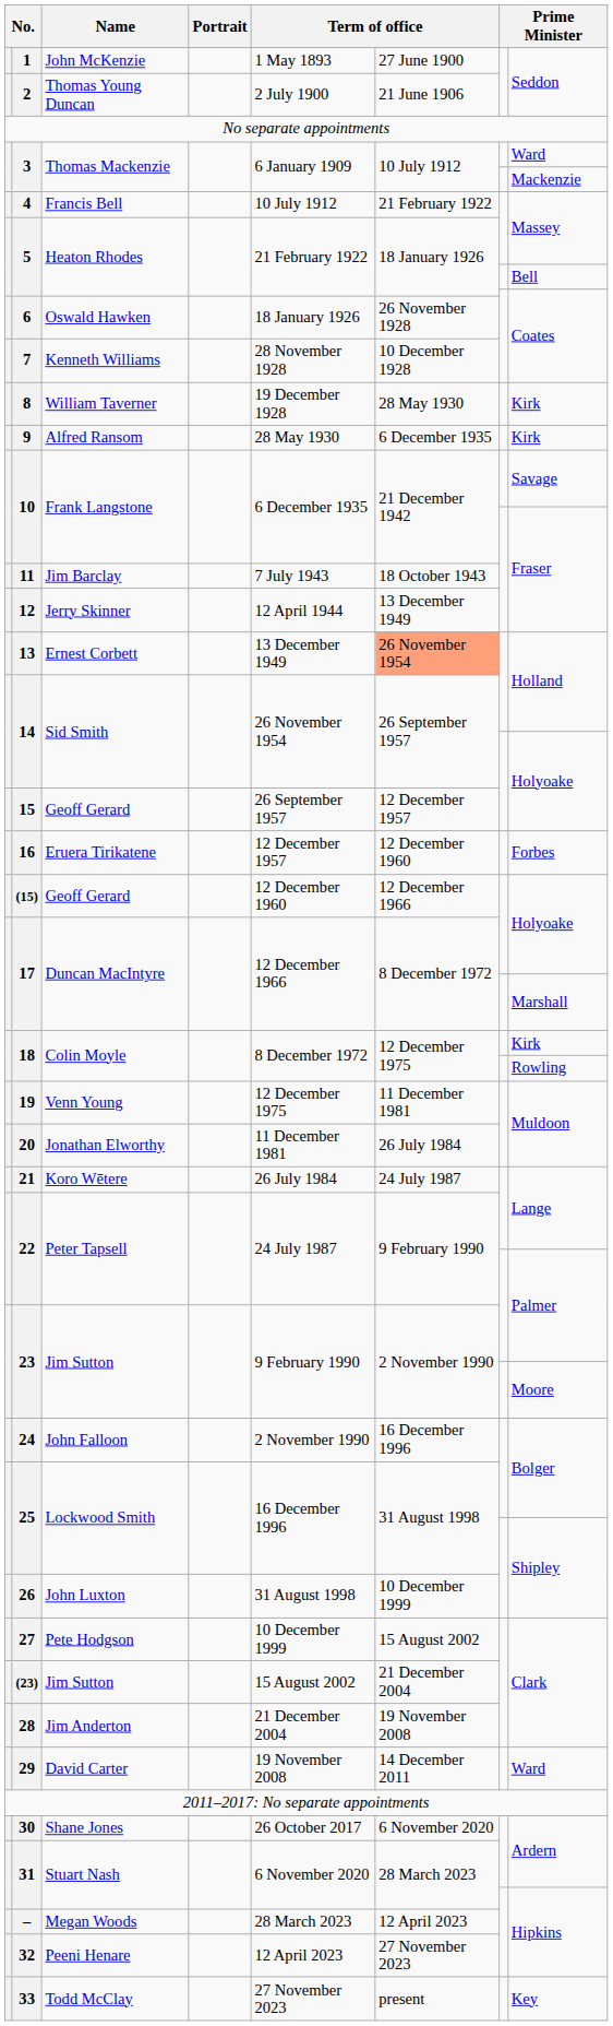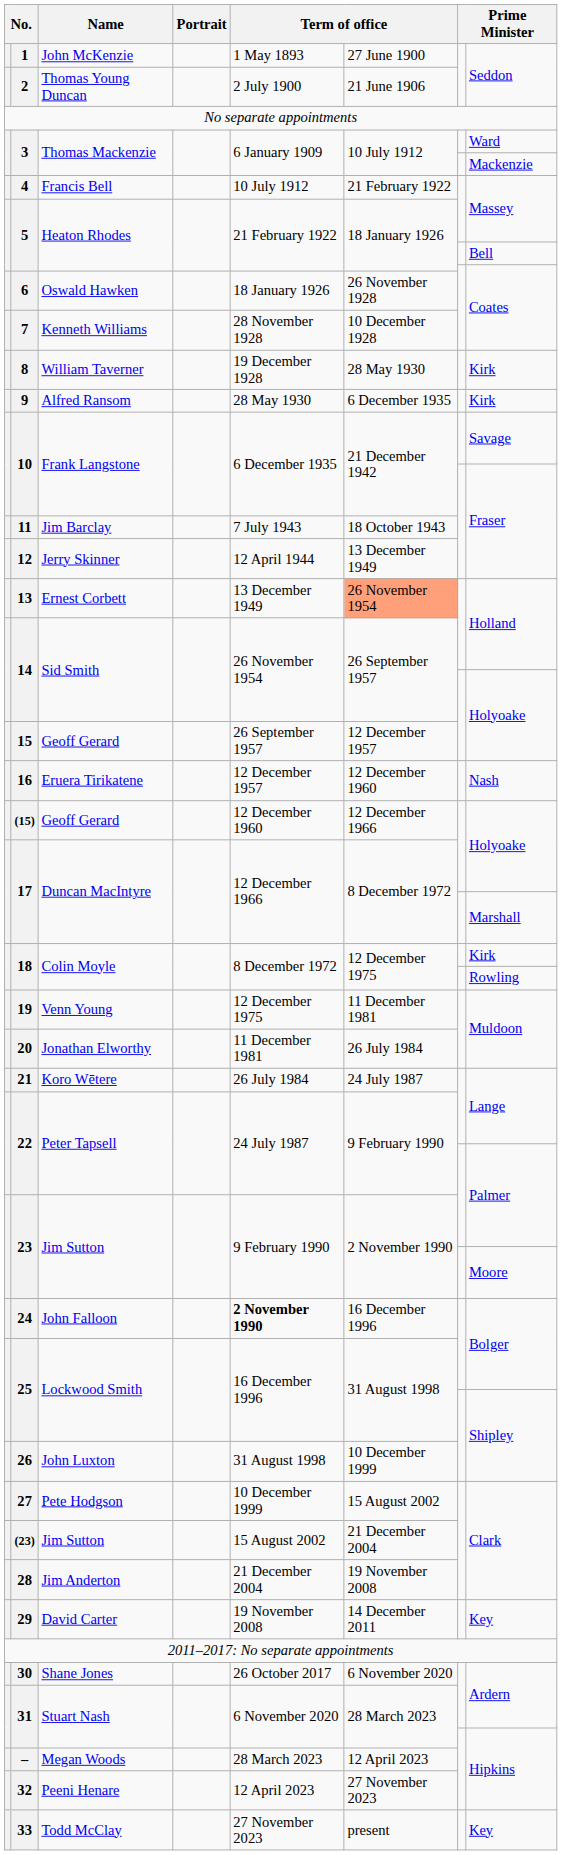 <table class="wikitable">
 <tr>
 <th colspan="2">No.</th>
 <th>Name</th>
 <th>Portrait</th>
 <th colspan="2">Term of office</th>
 <th colspan="2">Prime Minister</th>
 </tr>
 <tr>
 <th style="color:inherit;background:"></th>
 <th>1</th>
 <td><a href='#'>John McKenzie</a></td>
 <td></td>
 <td>1 May 1893</td>
 <td>27 June 1900</td>
 <td width=1 rowspan=2 style="color:inherit;background:"></td>
 <td rowspan=2><a href='#'>Seddon</a></td>
 </tr>
 <tr>
 <th style="color:inherit;background:"></th>
 <th>2</th>
 <td><a href='#'>Thomas Young Duncan</a></td>
 <td></td>
 <td>2 July 1900</td>
 <td>21 June 1906</td>
 </tr>
 <tr>
 <td colspan=8 align=center><em>No separate appointments</em></td>
 </tr>
 <tr>
 <th rowspan=2 style="color:inherit;background:"></th>
 <th rowspan=2>3</th>
 <td rowspan=2><a href='#'>Thomas Mackenzie</a></td>
 <td rowspan=2></td>
 <td rowspan=2>6 January 1909</td>
 <td rowspan=2>10 July 1912</td>
 <td style="color:inherit;background:"></td>
 <td><a href='#'>Ward</a></td>
 </tr>
 <tr>
 <td style="color:inherit;background:"></td>
 <td><a href='#'>Mackenzie</a></td>
 </tr>
 <tr>
 <th style="color:inherit;background:"></th>
 <th>4</th>
 <td><a href='#'>Francis Bell</a></td>
 <td></td>
 <td>10 July 1912</td>
 <td>21 February 1922</td>
 <td style="border-bottom:solid 0 grey; background:"></td>
 <td rowspan=2><a href='#'>Massey</a></td>
 </tr>
 <tr>
 <th rowspan=3 style="color:inherit;background:"></th>
 <th rowspan=3>5</th>
 <td rowspan=3><a href='#'>Heaton Rhodes</a></td>
 <td rowspan=3></td>
 <td rowspan=3>21 February 1922</td>
 <td rowspan=3>18 January 1926</td>
 <td height=40 style="border-top:solid 0 grey; background:"></td>
 </tr>
 <tr>
 <td style="color:inherit;background:"></td>
 <td><a href='#'>Bell</a></td>
 </tr>
 <tr>
 <td style="border-bottom:solid 0 grey; background:"></td>
 <td rowspan=3><a href='#'>Coates</a></td>
 </tr>
 <tr>
 <th style="color:inherit;background:"></th>
 <th>6</th>
 <td><a href='#'>Oswald Hawken</a></td>
 <td></td>
 <td>18 January 1926</td>
 <td>26 November 1928</td>
 <td rowspan=2 style="border-top:solid 0 grey; background:"></td>
 </tr>
 <tr>
 <th style="color:inherit;background:"></th>
 <th>7</th>
 <td><a href='#'>Kenneth Williams</a></td>
 <td></td>
 <td>28 November 1928</td>
 <td>10 December 1928</td>
 </tr>
 <tr>
 <th style="color:inherit;background:"></th>
 <th>8</th>
 <td><a href='#'>William Taverner</a></td>
 <td></td>
 <td>19 December 1928</td>
 <td>28 May 1930</td>
 <td style="color:inherit;background:"></td>
 <td><a href='#'>Kirk</a></td>
 </tr>
 <tr>
 <th style="color:inherit;background:"></th>
 <th>9</th>
 <td><a href='#'>Alfred Ransom</a></td>
 <td></td>
 <td>28 May 1930</td>
 <td>6 December 1935</td>
 <td style="color:inherit;background:"></td>
 <td><a href='#'>Kirk</a></td>
 </tr>
 <tr>
 <th height=50 style="border-bottom:solid 0 grey; background:"></th>
 <th rowspan=2>10</th>
 <td rowspan=2><a href='#'>Frank Langstone</a></td>
 <td rowspan=2></td>
 <td rowspan=2>6 December 1935</td>
 <td rowspan=2>21 December 1942</td>
 <td style="color:inherit;background:"></td>
 <td><a href='#'>Savage</a></td>
 </tr>
 <tr>
 <th height=50 style="border-top:solid 0 grey; background:"></th>
 <td style="border-bottom:solid 0 grey; background:"></td>
 <td rowspan=3><a href='#'>Fraser</a></td>
 </tr>
 <tr>
 <th style="color:inherit;background:"></th>
 <th>11</th>
 <td><a href='#'>Jim Barclay</a></td>
 <td></td>
 <td>7 July 1943</td>
 <td>18 October 1943</td>
 <td rowspan=2 style="border-top:solid 0 grey; background:"></td>
 </tr>
 <tr>
 <th style="color:inherit;background:"></th>
 <th>12</th>
 <td><a href='#'>Jerry Skinner</a></td>
 <td></td>
 <td>12 April 1944</td>
 <td>13 December 1949</td>
 </tr>
 <tr>
 <th style="color:inherit;background:"></th>
 <th>13</th>
 <td><a href='#'>Ernest Corbett</a></td>
 <td></td>
 <td>13 December 1949</td>
 <td style="background: lightsalmon;">26 November 1954</td>
 <td rowspan=2 style="color:inherit;background:"></td>
 <td rowspan=2><a href='#'>Holland</a></td>
 </tr>
 <tr>
 <th height=50 style="border-bottom:solid 0 grey; background:"></th>
 <th rowspan=2>14</th>
 <td rowspan=2><a href='#'>Sid Smith</a></td>
 <td rowspan=2></td>
 <td rowspan=2>26 November 1954</td>
 <td rowspan=2>26 September 1957</td>
 </tr>
 <tr>
 <th height=50 style="border-top:solid 0 grey; background:"></th>
 <td rowspan=2 style="color:inherit;background:"></td>
 <td rowspan=2><a href='#'>Holyoake</a></td>
 </tr>
 <tr>
 <th style="color:inherit;background:"></th>
 <th>15</th>
 <td><a href='#'>Geoff Gerard</a></td>
 <td></td>
 <td>26 September 1957</td>
 <td>12 December 1957</td>
 </tr>
 <tr>
 <th style="color:inherit;background:"></th>
 <th>16</th>
 <td><a href='#'>Eruera Tirikatene</a></td>
 <td></td>
 <td>12 December 1957</td>
 <td>12 December 1960</td>
 <td style="color:inherit;background:"></td>
-<td><a href='#'>Forbes</a></td>
+<td><a href='#'>Nash</a></td>
 </tr>
 <tr>
 <th style="color:inherit;background:"></th>
 <th><small>(15)</small></th>
 <td><a href='#'>Geoff Gerard</a></td>
 <td></td>
 <td>12 December 1960</td>
 <td>12 December 1966</td>
 <td rowspan=2 style="color:inherit;background:"></td>
 <td rowspan=2><a href='#'>Holyoake</a></td>
 </tr>
 <tr>
 <th height=50 style="border-bottom:solid 0 grey; background:"></th>
 <th rowspan=2>17</th>
 <td rowspan=2><a href='#'>Duncan MacIntyre</a></td>
 <td rowspan=2></td>
 <td rowspan=2>12 December 1966</td>
 <td rowspan=2>8 December 1972</td>
 </tr>
 <tr>
 <th height=50 style="border-top:solid 0 grey; background:"></th>
 <td style="color:inherit;background:"></td>
 <td><a href='#'>Marshall</a></td>
 </tr>
 <tr>
 <th rowspan=2 style="color:inherit;background:"></th>
 <th rowspan=2>18</th>
 <td rowspan=2><a href='#'>Colin Moyle</a></td>
 <td rowspan=2></td>
 <td rowspan=2>8 December 1972</td>
 <td rowspan=2>12 December 1975</td>
 <td style="color:inherit;background:"></td>
 <td><a href='#'>Kirk</a></td>
 </tr>
 <tr>
 <td style="color:inherit;background:"></td>
 <td><a href='#'>Rowling</a></td>
 </tr>
 <tr>
 <th style="color:inherit;background:"></th>
 <th>19</th>
 <td><a href='#'>Venn Young</a></td>
 <td></td>
 <td>12 December 1975</td>
 <td>11 December 1981</td>
 <td rowspan=2 style="color:inherit;background:"></td>
 <td rowspan=2><a href='#'>Muldoon</a></td>
 </tr>
 <tr>
 <th style="color:inherit;background:"></th>
 <th>20</th>
 <td><a href='#'>Jonathan Elworthy</a></td>
 <td></td>
 <td>11 December 1981</td>
 <td>26 July 1984</td>
 </tr>
 <tr>
 <th style="color:inherit;background:"></th>
 <th>21</th>
 <td><a href='#'>Koro Wētere</a></td>
 <td></td>
 <td>26 July 1984</td>
 <td>24 July 1987</td>
 <td rowspan=2 style="color:inherit;background:"></td>
 <td rowspan=2><a href='#'>Lange</a></td>
 </tr>
 <tr>
 <th height=50 style="border-bottom:solid 0 grey; background:"></th>
 <th rowspan=2>22</th>
 <td rowspan=2><a href='#'>Peter Tapsell</a></td>
 <td rowspan=2></td>
 <td rowspan=2>24 July 1987</td>
 <td rowspan=2>9 February 1990</td>
 </tr>
 <tr>
 <th height=50 style="border-top:solid 0 grey; background:"></th>
 <td rowspan=2 style="color:inherit;background:"></td>
 <td rowspan=2><a href='#'>Palmer</a></td>
 </tr>
 <tr>
 <th height=50 style="border-bottom:solid 0 grey; background:"></th>
 <th rowspan=2>23</th>
 <td rowspan=2><a href='#'>Jim Sutton</a></td>
 <td rowspan=2></td>
 <td rowspan=2>9 February 1990</td>
 <td rowspan=2>2 November 1990</td>
 </tr>
 <tr>
 <th height=50 style="border-top:solid 0 grey; background:"></th>
 <td style="color:inherit;background:"></td>
 <td><a href='#'>Moore</a></td>
 </tr>
 <tr>
 <th style="color:inherit;background:"></th>
 <th>24</th>
 <td><a href='#'>John Falloon</a></td>
 <td></td>
-<td>2 November 1990</td>
+<td><strong>2 November 1990</strong></td>
 <td>16 December 1996</td>
 <td rowspan=2 style="color:inherit;background:"></td>
 <td rowspan=2><a href='#'>Bolger</a></td>
 </tr>
 <tr>
 <th height=50 style="border-bottom:solid 0 grey; background:"></th>
 <th rowspan=2>25</th>
 <td rowspan=2><a href='#'>Lockwood Smith</a></td>
 <td rowspan=2></td>
 <td rowspan=2>16 December 1996</td>
 <td rowspan=2>31 August 1998</td>
 </tr>
 <tr>
 <th height=50 style="border-top:solid 0 grey; background:"></th>
 <td rowspan=2 style="color:inherit;background:"></td>
 <td rowspan=2><a href='#'>Shipley</a></td>
 </tr>
 <tr>
 <th style="color:inherit;background:"></th>
 <th>26</th>
 <td><a href='#'>John Luxton</a></td>
 <td></td>
 <td>31 August 1998</td>
 <td>10 December 1999</td>
 </tr>
 <tr>
 <th style="color:inherit;background:"></th>
 <th>27</th>
 <td><a href='#'>Pete Hodgson</a></td>
 <td></td>
 <td>10 December 1999</td>
 <td>15 August 2002</td>
 <td rowspan=3 style="color:inherit;background:"></td>
 <td rowspan=3><a href='#'>Clark</a></td>
 </tr>
 <tr>
 <th style="color:inherit;background:"></th>
 <th><small>(23)</small></th>
 <td><a href='#'>Jim Sutton</a></td>
 <td></td>
 <td>15 August 2002</td>
 <td>21 December 2004</td>
 </tr>
 <tr>
 <th style="color:inherit;background:"></th>
 <th>28</th>
 <td><a href='#'>Jim Anderton</a></td>
 <td></td>
 <td>21 December 2004</td>
 <td>19 November 2008</td>
 </tr>
 <tr>
 <th style="color:inherit;background:"></th>
 <th>29</th>
 <td><a href='#'>David Carter</a></td>
 <td></td>
 <td>19 November 2008</td>
 <td>14 December 2011</td>
 <td style="color:inherit;background:"></td>
-<td><a href='#'>Ward</a></td>
+<td><a href='#'>Key</a></td>
 </tr>
 <tr>
 <td colspan=8 align=center><em>2011–2017: No separate appointments</em></td>
 </tr>
 <tr>
 <th style="color:inherit;background:"></th>
 <th>30</th>
 <td><a href='#'>Shane Jones</a></td>
 <td></td>
 <td>26 October 2017</td>
 <td>6 November 2020</td>
 <td rowspan=2 style="color:inherit;background:"></td>
 <td rowspan=2><a href='#'>Ardern</a></td>
 </tr>
 <tr>
 <th height=40 style="border-bottom:solid 0 grey; background:"></th>
 <th rowspan="2">31</th>
 <td rowspan="2"><a href='#'>Stuart Nash</a></td>
 <td rowspan="2"></td>
 <td rowspan="2">6 November 2020</td>
 <td rowspan="2">28 March 2023</td>
 </tr>
 <tr>
 <th height=15 style="border-top:solid 0 grey; background:"></th>
 <td rowspan="3" style="color:inherit;background:"></td>
 <td rowspan="3"><a href='#'>Hipkins</a></td>
 </tr>
 <tr>
 <th style="border-bottom:solid 0 grey; background:"></th>
 <th>–</th>
 <td><a href='#'>Megan Woods</a></td>
 <td></td>
 <td>28 March 2023</td>
 <td>12 April 2023</td>
 </tr>
 <tr>
 <th style="border-bottom:solid 0 grey; background:"></th>
 <th>32</th>
 <td><a href='#'>Peeni Henare</a></td>
 <td></td>
 <td>12 April 2023</td>
 <td>27 November 2023</td>
 </tr>
 <tr>
 <th style="color:inherit;background:"></th>
 <th>33</th>
 <td><a href='#'>Todd McClay</a></td>
 <td></td>
 <td>27 November 2023</td>
 <td>present</td>
 <td style="color:inherit;background:"></td>
 <td><a href='#'>Key</a></td>
 </tr>
 </table>
